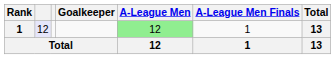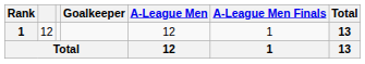 <table class="wikitable" style="text-align:center">
 <tr>
 <th>Rank</th>
 <th></th>
 <th></th>
 <th>Goalkeeper</th>
 <th><a href='#'>A-League Men</a></th>
 <th><a href='#'>A-League Men Finals</a></th>
 <th>Total</th>
 </tr>
 <tr>
 <th>1</th>
-<td style="background: lavender;">12</td>
+<td>12</td>
 <td></td>
 <td align="left"></td>
-<td style="background: lightgreen;">12</td>
+<td>12</td>
 <td>1</td>
 <th>13</th>
 </tr>
 <tr>
 <th colspan="4">Total</th>
 <th>12</th>
 <th>1</th>
 <th>13</th>
 </tr>
 </table>
